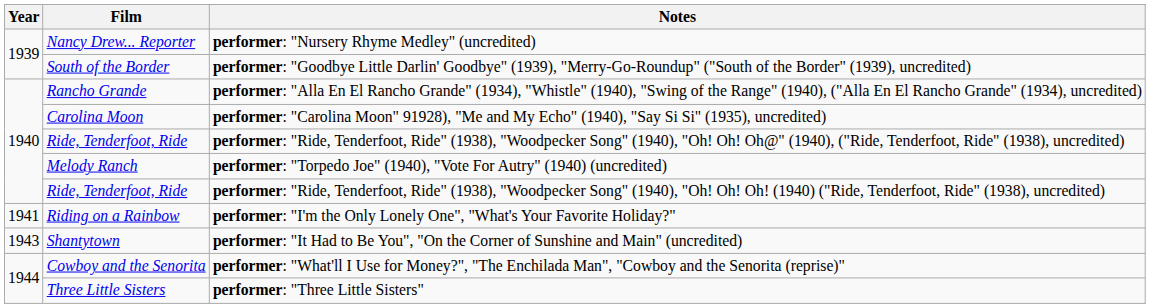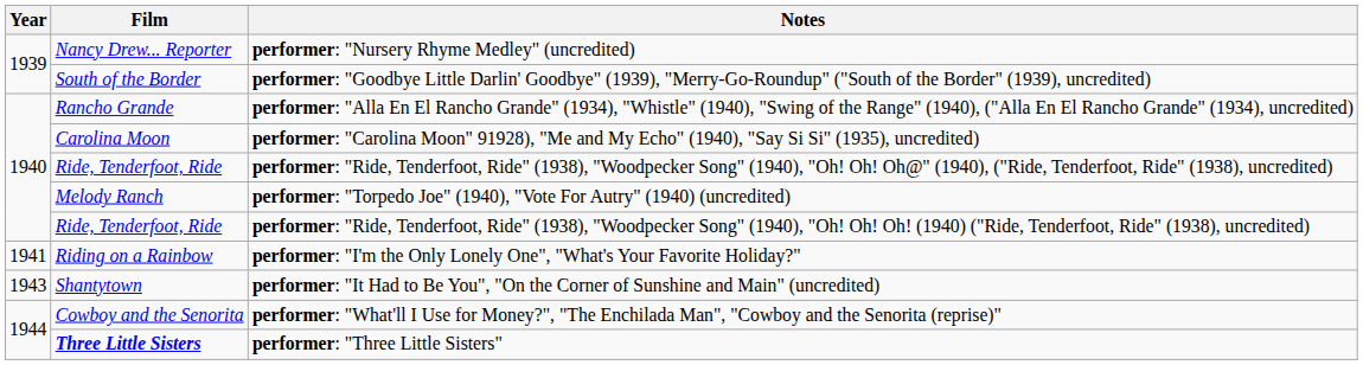 <table class="wikitable sortable">
 <tr>
 <th>Year</th>
 <th>Film</th>
 <th class="wikitable unsortable">Notes</th>
 </tr>
 <tr>
 <td rowspan="2">1939</td>
 <td><em><a href='#'>Nancy Drew... Reporter</a></em></td>
 <td><strong>performer</strong>: "Nursery Rhyme Medley" (uncredited)</td>
 </tr>
 <tr>
 <td><em><a href='#'>South of the Border</a></em></td>
 <td><strong>performer</strong>: "Goodbye Little Darlin' Goodbye" (1939), "Merry-Go-Roundup" ("South of the Border" (1939), uncredited)</td>
 </tr>
 <tr>
 <td rowspan="5">1940</td>
 <td><em><a href='#'>Rancho Grande</a></em></td>
 <td><strong>performer</strong>: "Alla En El Rancho Grande" (1934), "Whistle" (1940), "Swing of the Range" (1940), ("Alla En El Rancho Grande" (1934), uncredited)</td>
 </tr>
 <tr>
 <td><em><a href='#'>Carolina Moon</a></em></td>
 <td><strong>performer</strong>: "Carolina Moon" 91928), "Me and My Echo" (1940), "Say Si Si" (1935), uncredited)</td>
 </tr>
 <tr>
 <td><em><a href='#'>Ride, Tenderfoot, Ride</a></em></td>
 <td><strong>performer</strong>: "Ride, Tenderfoot, Ride" (1938), "Woodpecker Song" (1940), "Oh! Oh! Oh@" (1940), ("Ride, Tenderfoot, Ride" (1938), uncredited)</td>
 </tr>
 <tr>
 <td><em><a href='#'>Melody Ranch</a></em></td>
 <td><strong>performer</strong>: "Torpedo Joe" (1940), "Vote For Autry" (1940) (uncredited)</td>
 </tr>
 <tr>
 <td><em><a href='#'>Ride, Tenderfoot, Ride</a></em></td>
 <td><strong>performer</strong>: "Ride, Tenderfoot, Ride" (1938), "Woodpecker Song" (1940), "Oh! Oh! Oh! (1940) ("Ride, Tenderfoot, Ride" (1938), uncredited)</td>
 </tr>
 <tr>
 <td>1941</td>
 <td><em><a href='#'>Riding on a Rainbow</a></em></td>
 <td><strong>performer</strong>: "I'm the Only Lonely One", "What's Your Favorite Holiday?"</td>
 </tr>
 <tr>
 <td>1943</td>
 <td><em><a href='#'>Shantytown</a></em></td>
 <td><strong>performer</strong>: "It Had to Be You", "On the Corner of Sunshine and Main" (uncredited)</td>
 </tr>
 <tr>
 <td rowspan="2">1944</td>
 <td><em><a href='#'>Cowboy and the Senorita</a></em></td>
 <td><strong>performer</strong>: "What'll I Use for Money?", "The Enchilada Man", "Cowboy and the Senorita (reprise)"</td>
 </tr>
 <tr>
-<td><em><a href='#'>Three Little Sisters</a></em></td>
+<td><strong><em><a href='#'>Three Little Sisters</a></em></strong></td>
 <td><strong>performer</strong>: "Three Little Sisters"</td>
 </tr>
 </table>
